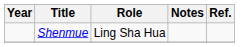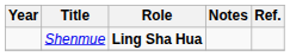 <table class="wikitable">
 <tr>
 <th>Year</th>
 <th>Title</th>
 <th>Role</th>
 <th>Notes</th>
 <th>Ref.</th>
 </tr>
 <tr>
 <td></td>
 <td><em><a href='#'>Shenmue</a></em></td>
-<td>Ling Sha Hua</td>
+<td><strong>Ling Sha Hua</strong></td>
 <td></td>
 <td></td>
 </tr>
 <tr>
 </tr>
 </table>
